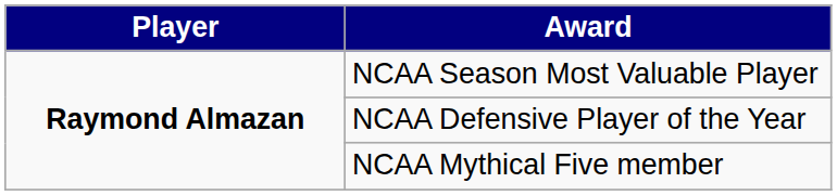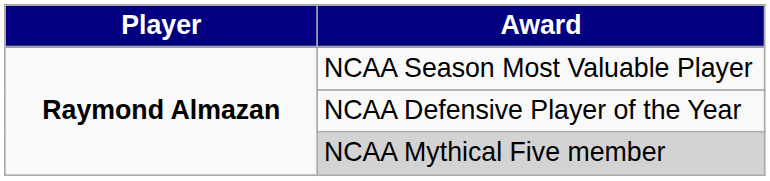 <table class="wikitable" style="text-align: left">
 <tr>
 <th style="color: white; background-color: #020080; width:180px">Player</th>
 <th style="color: white; background-color: #020080; width:260px">Award</th>
 </tr>
 <tr>
 <td rowspan="3" style="text-align:center;"><strong>Raymond Almazan</strong></td>
 <td>NCAA Season Most Valuable Player</td>
 </tr>
 <tr>
 <td>NCAA Defensive Player of the Year</td>
 </tr>
 <tr>
-<td>NCAA Mythical Five member</td>
+<td style="background: lightgrey;">NCAA Mythical Five member</td>
 </tr>
 </table>
